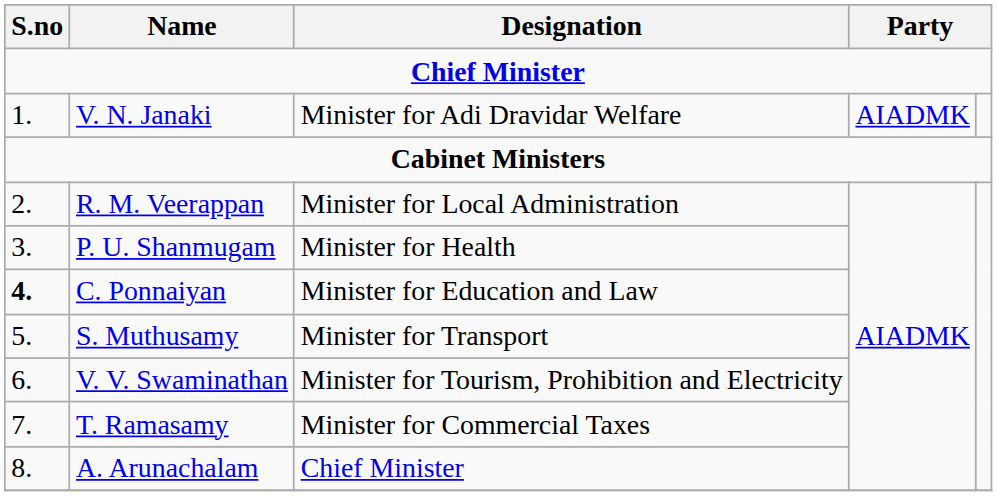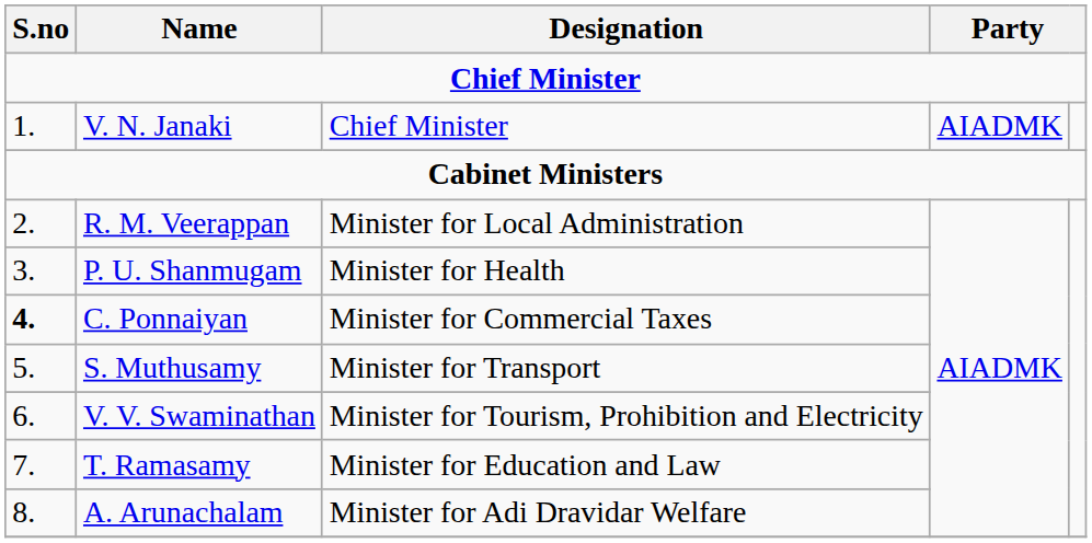 <table class="wikitable">
 <tr>
 <th>S.no</th>
 <th>Name</th>
 <th>Designation</th>
 <th colspan="2" scope="col">Party</th>
 </tr>
 <tr>
 <td colspan="5" style="text-align: center;"><strong><a href='#'>Chief Minister</a></strong></td>
 </tr>
 <tr>
 <td>1.</td>
 <td><a href='#'>V. N. Janaki</a></td>
-<td>Minister for Adi Dravidar Welfare</td>
+<td><a href='#'>Chief Minister</a></td>
 <td><a href='#'>AIADMK</a></td>
 <td width="1px" style="background-color: "></td>
 </tr>
 <tr>
 <td colspan="5" style="text-align: center;"><strong>Cabinet Ministers</strong></td>
 </tr>
 <tr>
 <td>2.</td>
 <td><a href='#'>R. M. Veerappan</a></td>
 <td>Minister for Local Administration</td>
 <td rowspan="7"><a href='#'>AIADMK</a></td>
 <td rowspan="7" width="1px" style="background-color: "></td>
 </tr>
 <tr>
 <td>3.</td>
 <td><a href='#'>P. U. Shanmugam</a></td>
 <td>Minister for Health</td>
 </tr>
 <tr>
 <td><strong>4.</strong></td>
 <td><a href='#'>C. Ponnaiyan</a></td>
-<td>Minister for Education and Law</td>
+<td>Minister for Commercial Taxes</td>
 </tr>
 <tr>
 <td>5.</td>
 <td><a href='#'>S. Muthusamy</a></td>
 <td>Minister for Transport</td>
 </tr>
 <tr>
 <td>6.</td>
 <td><a href='#'>V. V. Swaminathan</a></td>
 <td>Minister for Tourism, Prohibition and Electricity</td>
 </tr>
 <tr>
 <td>7.</td>
 <td><a href='#'>T. Ramasamy</a></td>
-<td>Minister for Commercial Taxes</td>
+<td>Minister for Education and Law</td>
 </tr>
 <tr>
 <td>8.</td>
 <td><a href='#'>A. Arunachalam</a></td>
-<td><a href='#'>Chief Minister</a></td>
+<td>Minister for Adi Dravidar Welfare</td>
 </tr>
 <tr>
 </tr>
 </table>
